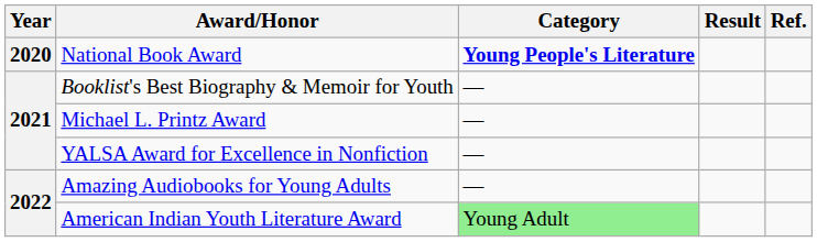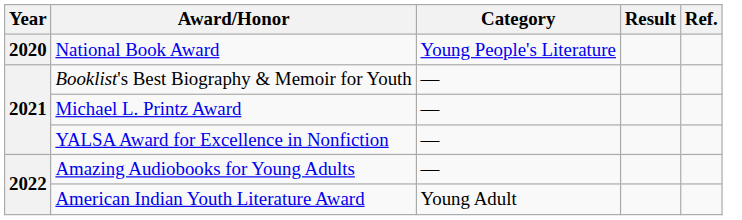 <table class="wikitable sortable">
 <tr>
 <th>Year</th>
 <th>Award/Honor</th>
 <th>Category</th>
 <th>Result</th>
 <th>Ref.</th>
 </tr>
 <tr>
 <th>2020</th>
 <td><a href='#'>National Book Award</a></td>
-<td><strong><a href='#'>Young People's Literature</a></strong></td>
+<td><a href='#'>Young People's Literature</a></td>
 <td></td>
 <td></td>
 </tr>
 <tr>
 <th rowspan="3">2021</th>
 <td><em>Booklist</em>'s Best Biography & Memoir for Youth</td>
 <td>—</td>
 <td></td>
 <td></td>
 </tr>
 <tr>
 <td><a href='#'>Michael L. Printz Award</a></td>
 <td>—</td>
 <td></td>
 <td></td>
 </tr>
 <tr>
 <td><a href='#'>YALSA Award for Excellence in Nonfiction</a></td>
 <td>—</td>
 <td></td>
 <td></td>
 </tr>
 <tr>
 <th rowspan="2">2022</th>
 <td><a href='#'>Amazing Audiobooks for Young Adults</a></td>
 <td>—</td>
 <td></td>
 <td></td>
 </tr>
 <tr>
 <td><a href='#'>American Indian Youth Literature Award</a></td>
-<td style="background: lightgreen;">Young Adult</td>
+<td>Young Adult</td>
 <td></td>
 <td></td>
 </tr>
 </table>
